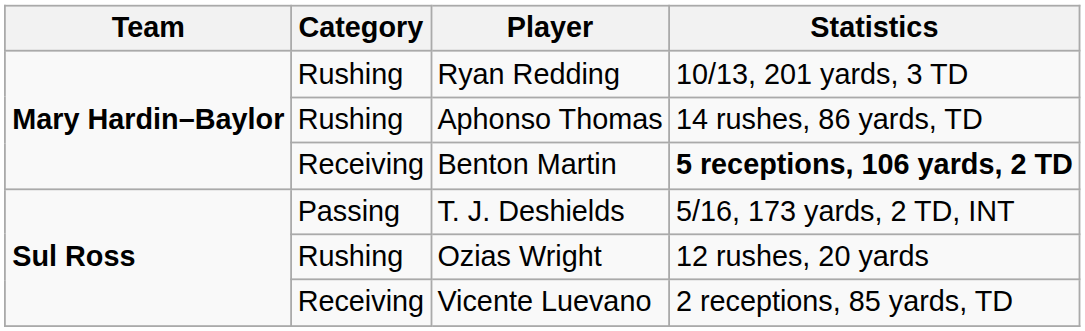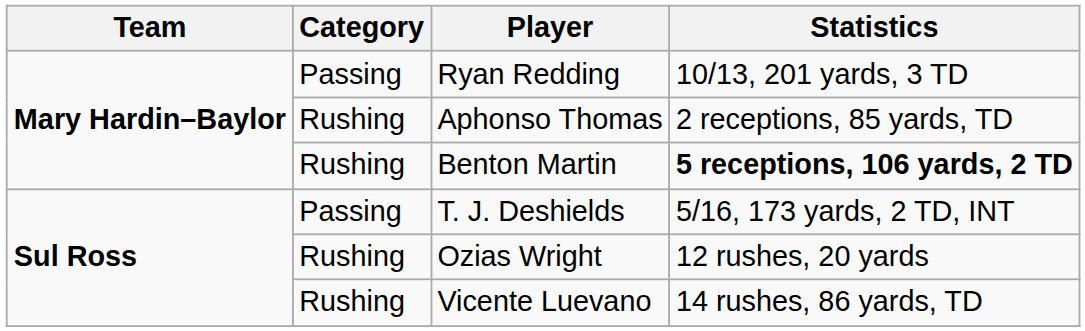 <table class="wikitable" style="float: right;">
 <tr>
 <th>Team</th>
 <th>Category</th>
 <th>Player</th>
 <th>Statistics</th>
 </tr>
 <tr>
 <td rowspan=3><strong>Mary Hardin–Baylor</strong></td>
-<td>Rushing</td>
+<td>Passing</td>
 <td>Ryan Redding</td>
 <td>10/13, 201 yards, 3 TD</td>
 </tr>
 <tr>
 <td>Rushing</td>
 <td>Aphonso Thomas</td>
-<td>14 rushes, 86 yards, TD</td>
+<td>2 receptions, 85 yards, TD</td>
 </tr>
 <tr>
-<td>Receiving</td>
+<td>Rushing</td>
 <td>Benton Martin</td>
 <td><strong>5 receptions, 106 yards, 2 TD</strong></td>
 </tr>
 <tr>
 <td rowspan=3><strong>Sul Ross</strong></td>
 <td>Passing</td>
 <td>T. J. Deshields</td>
 <td>5/16, 173 yards, 2 TD, INT</td>
 </tr>
 <tr>
 <td>Rushing</td>
 <td>Ozias Wright</td>
 <td>12 rushes, 20 yards</td>
 </tr>
 <tr>
-<td>Receiving</td>
+<td>Rushing</td>
 <td>Vicente Luevano</td>
-<td>2 receptions, 85 yards, TD</td>
+<td>14 rushes, 86 yards, TD</td>
 </tr>
 </table>
